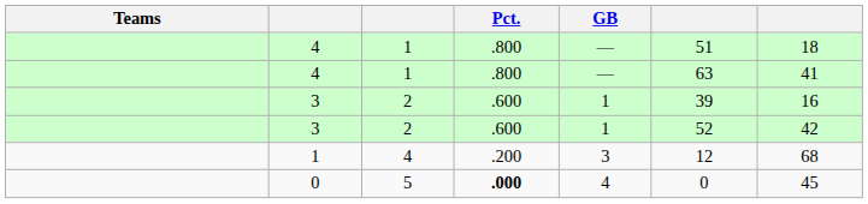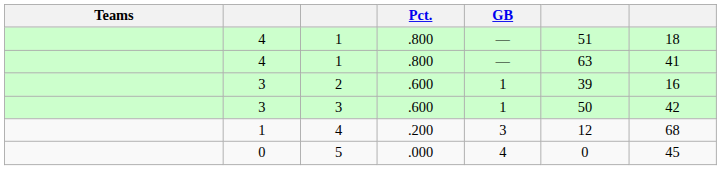 <table class="wikitable" width="50%" style="text-align:center;">
 <tr>
 <th width="20%">Teams</th>
 <th width="7%"></th>
 <th width="7%"></th>
 <th width="8%"><a href='#'>Pct.</a></th>
 <th width="7%"><a href='#'>GB</a></th>
 <th width="8%"></th>
 <th width="8%"></th>
 </tr>
 <tr bgcolor="ccffcc">
 <td align=left></td>
 <td>4</td>
 <td>1</td>
 <td>.800</td>
 <td>—</td>
 <td>51</td>
 <td>18</td>
 </tr>
 <tr bgcolor="ccffcc">
 <td align=left></td>
 <td>4</td>
 <td>1</td>
 <td>.800</td>
 <td>—</td>
 <td>63</td>
 <td>41</td>
 </tr>
 <tr bgcolor="ccffcc">
 <td align=left></td>
 <td>3</td>
 <td>2</td>
 <td>.600</td>
 <td>1</td>
 <td>39</td>
 <td>16</td>
 </tr>
 <tr bgcolor="ccffcc">
 <td align=left></td>
 <td>3</td>
-<td>2</td>
+<td>3</td>
 <td>.600</td>
 <td>1</td>
-<td>52</td>
+<td>50</td>
 <td>42</td>
 </tr>
 <tr>
 <td align=left></td>
 <td>1</td>
 <td>4</td>
 <td>.200</td>
 <td>3</td>
 <td>12</td>
 <td>68</td>
 </tr>
 <tr>
 <td align=left></td>
 <td>0</td>
 <td>5</td>
-<td><strong>.000</strong></td>
+<td>.000</td>
 <td>4</td>
 <td>0</td>
 <td>45</td>
 </tr>
 </table>
